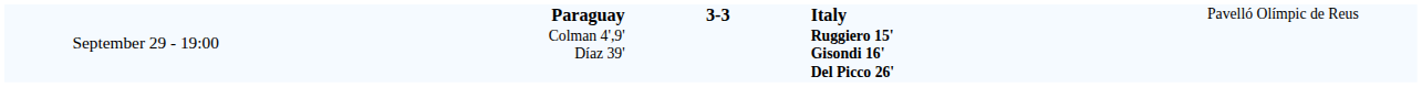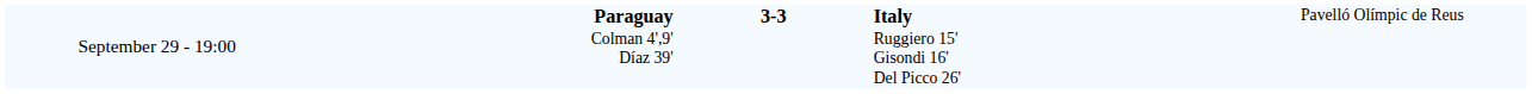 <table style="width: 100%; background:#F5FAFF;" cellspacing="0">
 <tr>
 <td style=font-size:95% align=center rowspan=3 width=20%>September 29 - 19:00</td>
 </tr>
 <tr>
 <td width=24% align=right><strong>Paraguay</strong></td>
 <td align=center width=13%><strong>3-3</strong></td>
 <td width=24%><strong>Italy</strong></td>
 <td style=font-size:85% rowspan=3 valign=top align=center>Pavelló Olímpic de Reus</td>
 </tr>
 <tr style=font-size:85%>
 <td align=right valign=top>Colman 4',9'<br>Díaz 39'</td>
 <td></td>
-<td valign=top><strong>Ruggiero 15'<br>Gisondi 16'<br>Del Picco 26'</strong></td>
+<td valign=top>Ruggiero 15'<br>Gisondi 16'<br>Del Picco 26'</td>
 </tr>
 </table>
